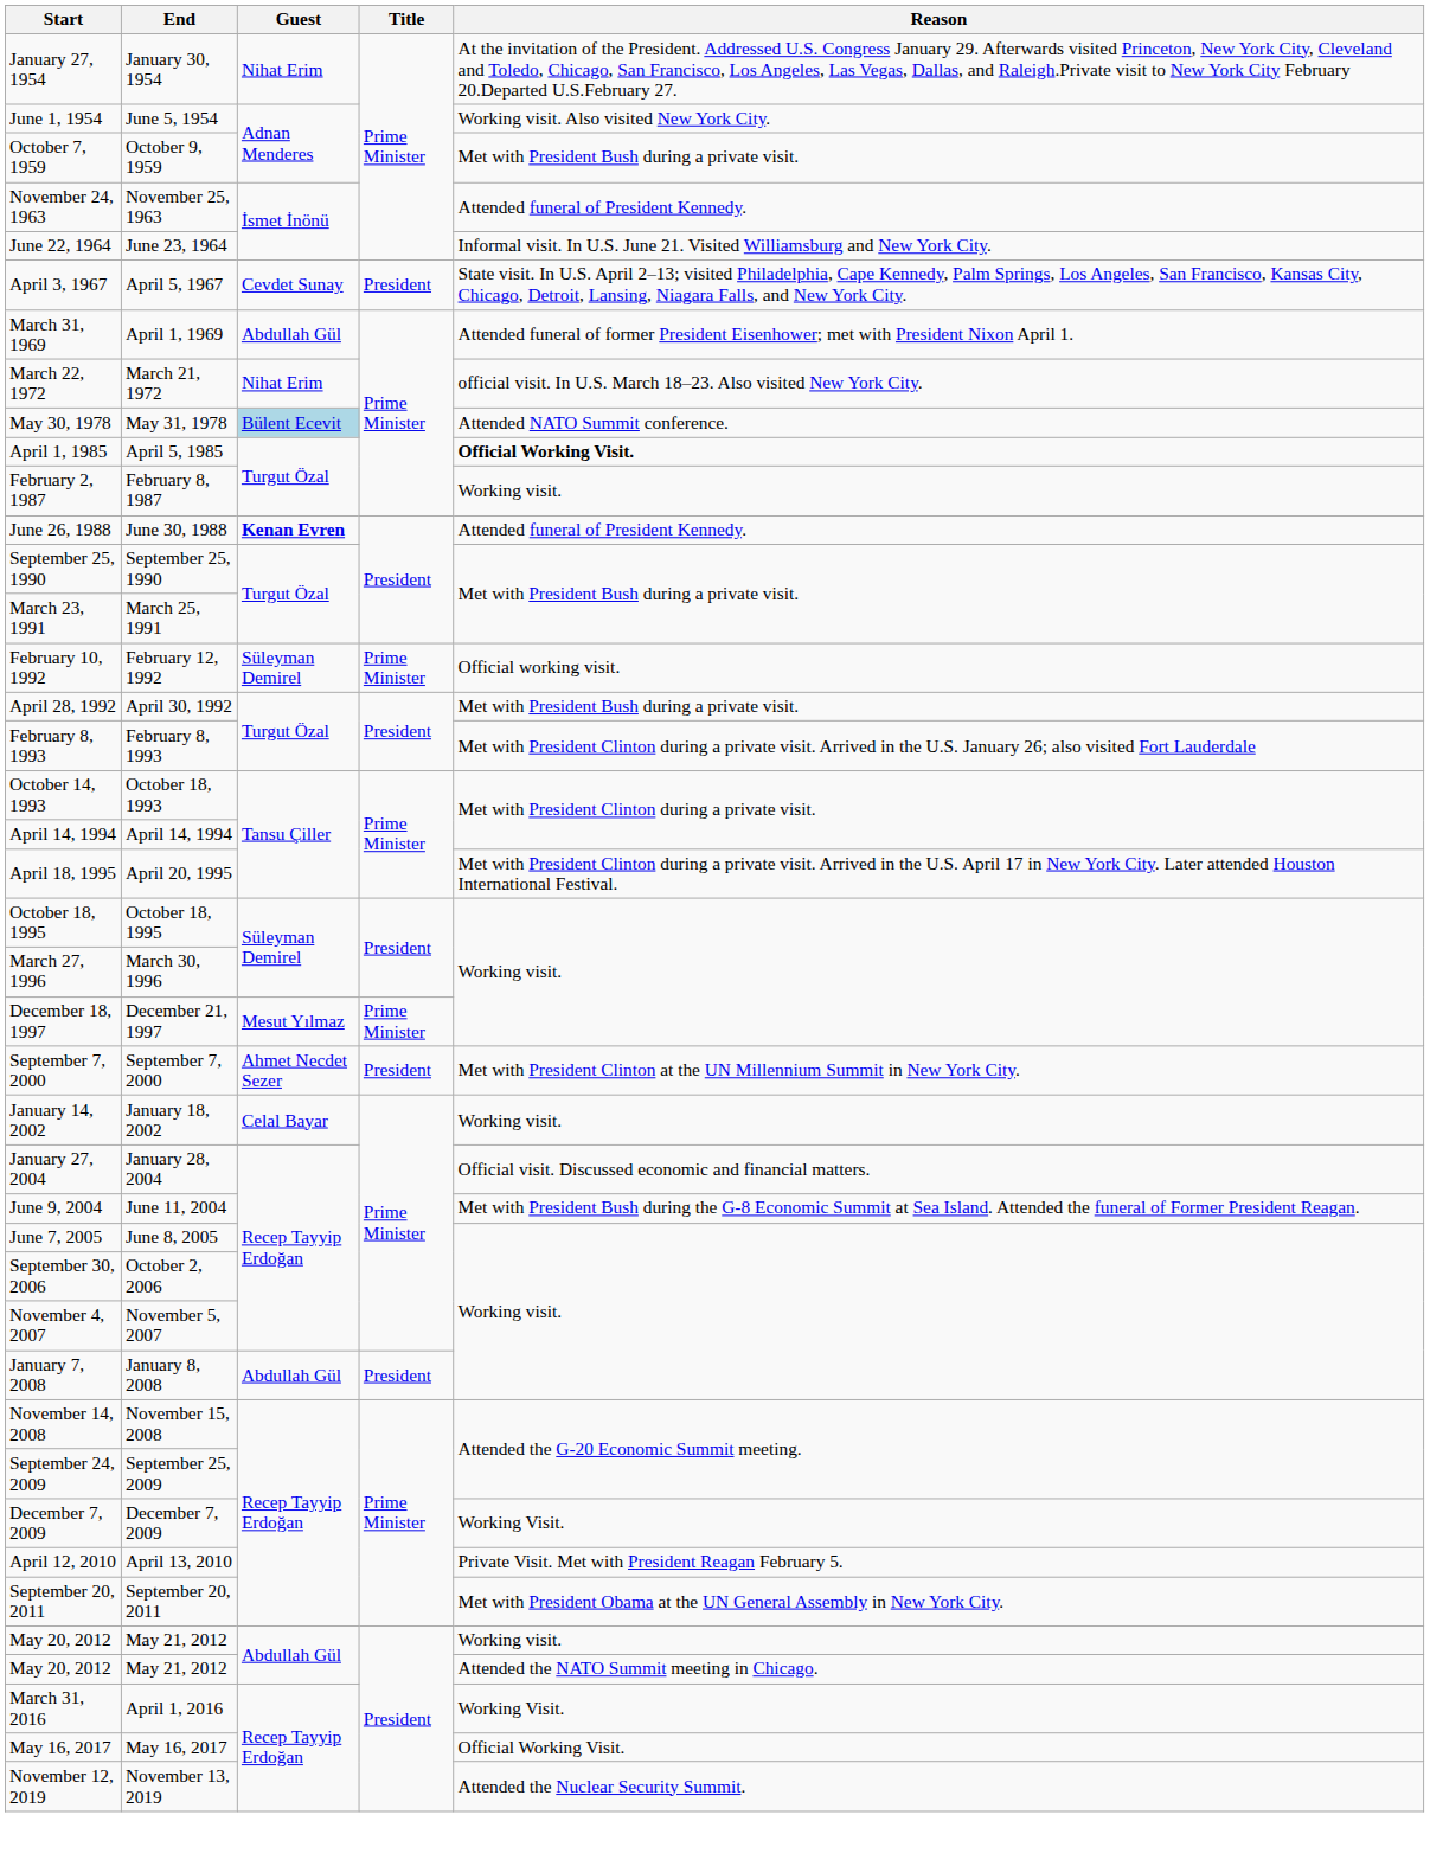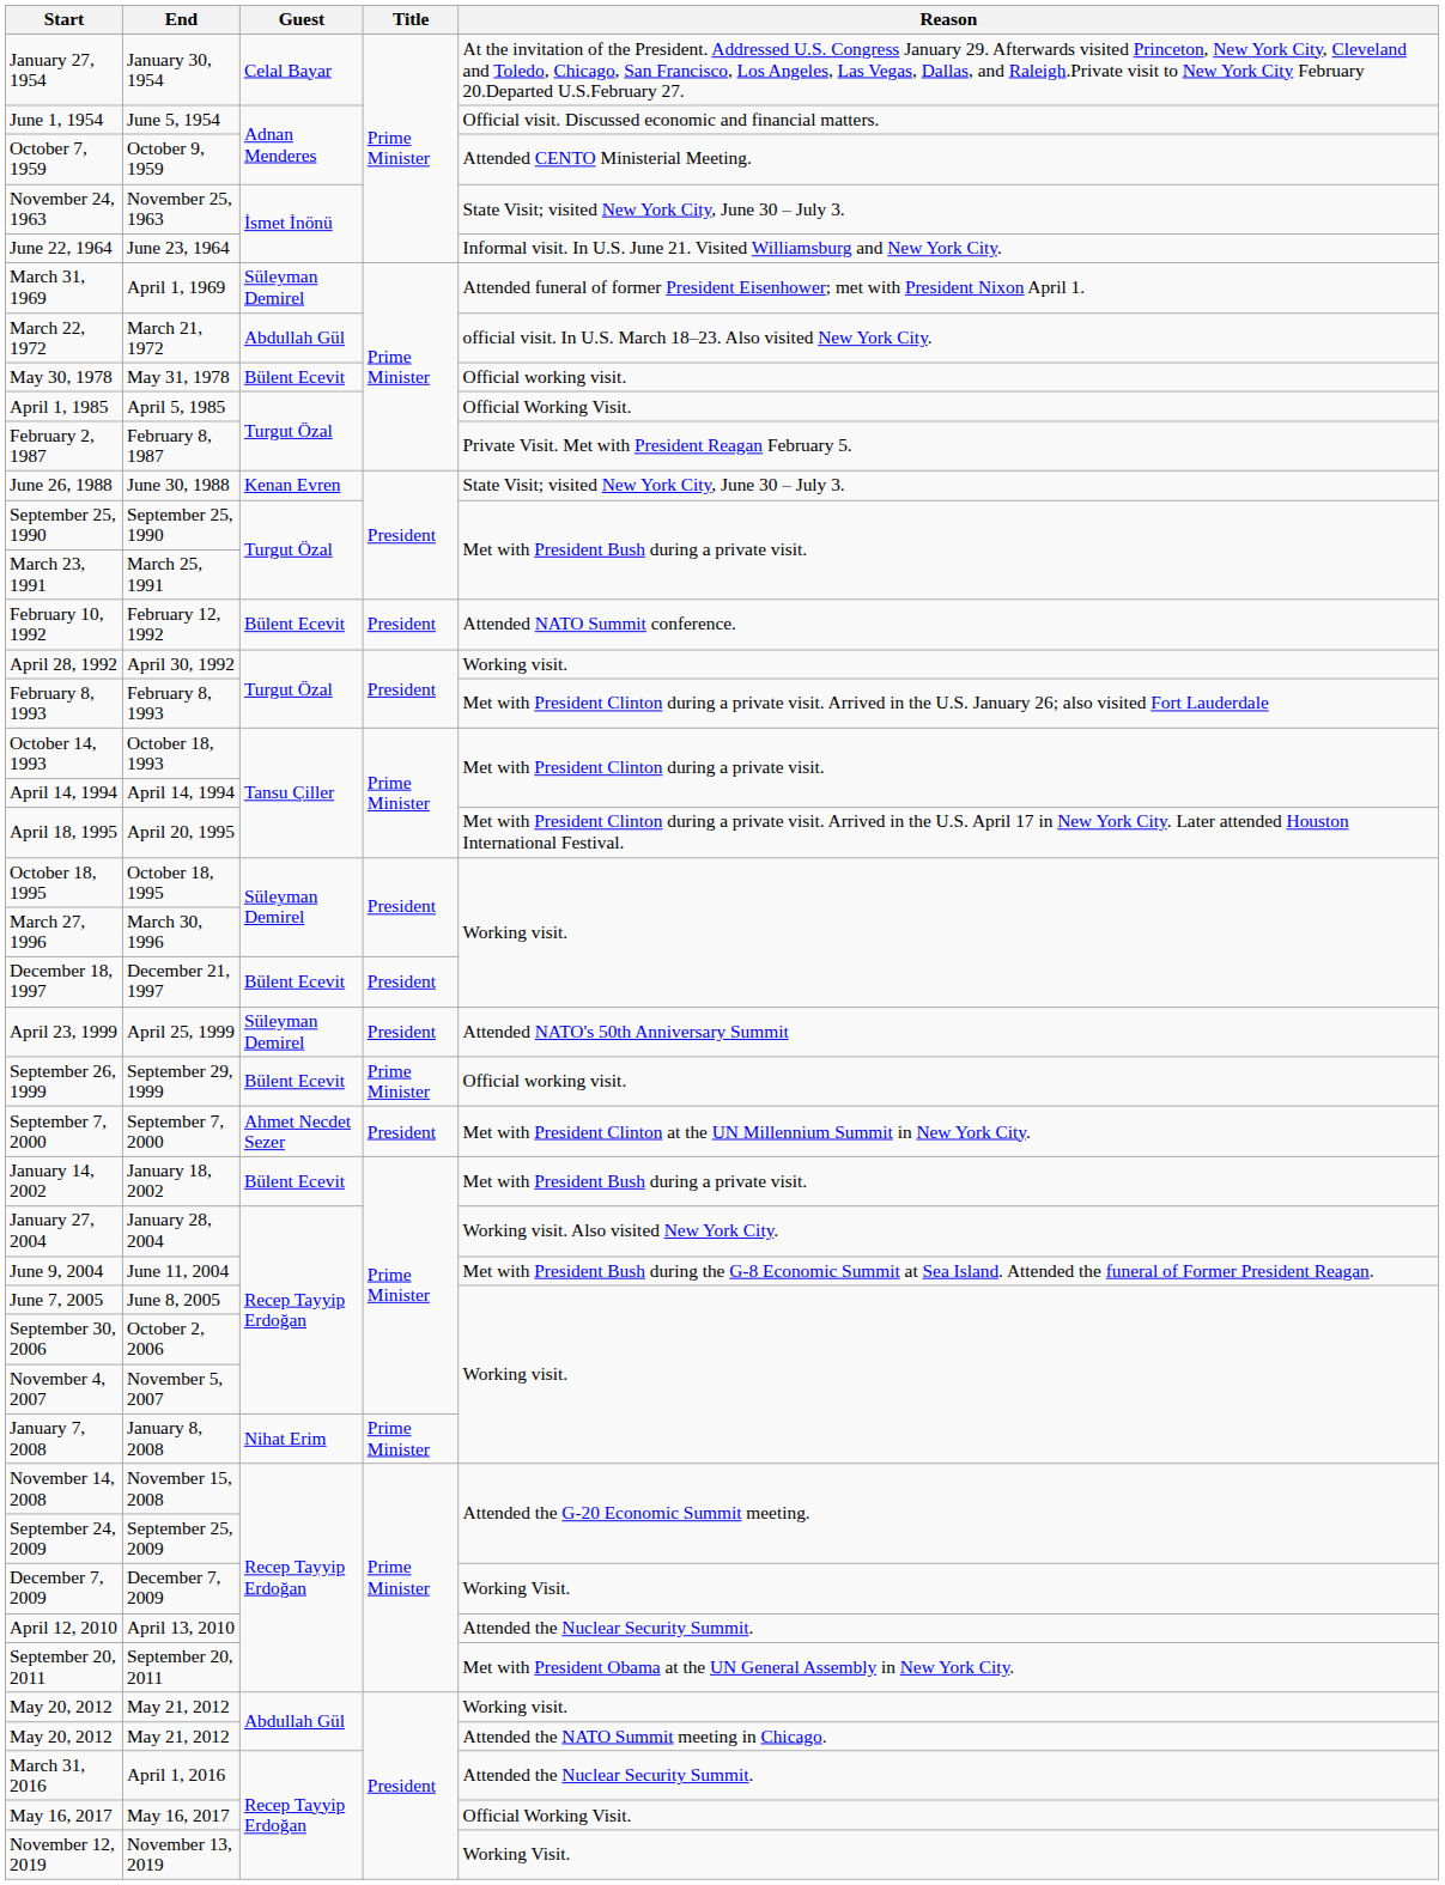 <table class="wikitable sortable">
 <tr>
 <th>Start</th>
 <th>End</th>
 <th>Guest</th>
 <th>Title</th>
 <th>Reason</th>
 </tr>
 <tr>
 <td>January 27, 1954</td>
 <td>January 30, 1954</td>
-<td><a href='#'>Nihat Erim</a></td>
+<td><a href='#'>Celal Bayar</a></td>
 <td rowspan=5><a href='#'>Prime Minister</a></td>
 <td>At the invitation of the President. <a href='#'>Addressed U.S. Congress</a> January 29. Afterwards visited <a href='#'>Princeton</a>, <a href='#'>New York City</a>, <a href='#'>Cleveland</a> and <a href='#'>Toledo</a>, <a href='#'>Chicago</a>, <a href='#'>San Francisco</a>, <a href='#'>Los Angeles</a>, <a href='#'>Las Vegas</a>, <a href='#'>Dallas</a>, and <a href='#'>Raleigh</a>.Private visit to <a href='#'>New York City</a> February 20.Departed U.S.February 27.</td>
 </tr>
 <tr>
 <td>June 1, 1954</td>
 <td>June 5, 1954</td>
 <td rowspan=2><a href='#'>Adnan Menderes</a></td>
-<td>Working visit. Also visited <a href='#'>New York City</a>.</td>
+<td>Official visit. Discussed economic and financial matters.</td>
 </tr>
 <tr>
 <td>October 7, 1959</td>
 <td>October 9, 1959</td>
-<td>Met with <a href='#'>President Bush</a> during a private visit.</td>
+<td>Attended <a href='#'>CENTO</a> Ministerial Meeting.</td>
 </tr>
 <tr>
 <td>November 24, 1963</td>
 <td>November 25, 1963</td>
 <td rowspan=2><a href='#'>İsmet İnönü</a></td>
-<td>Attended <a href='#'>funeral of President Kennedy</a>.</td>
+<td>State Visit; visited <a href='#'>New York City</a>, June 30 – July 3.</td>
 </tr>
 <tr>
 <td>June 22, 1964</td>
 <td>June 23, 1964</td>
 <td>Informal visit. In U.S. June 21. Visited <a href='#'>Williamsburg</a> and <a href='#'>New York City</a>.</td>
 </tr>
 <tr>
-<td>April 3, 1967</td>
-<td>April 5, 1967</td>
-<td><a href='#'>Cevdet Sunay</a></td>
-<td><a href='#'>President</a></td>
-<td>State visit. In U.S. April 2–13; visited <a href='#'>Philadelphia</a>, <a href='#'>Cape Kennedy</a>, <a href='#'>Palm Springs</a>, <a href='#'>Los Angeles</a>, <a href='#'>San Francisco</a>, <a href='#'>Kansas City</a>, <a href='#'>Chicago</a>, <a href='#'>Detroit</a>, <a href='#'>Lansing</a>, <a href='#'>Niagara Falls</a>, and <a href='#'>New York City</a>.</td>
-</tr>
-<tr>
 <td>March 31, 1969</td>
 <td>April 1, 1969</td>
-<td><a href='#'>Abdullah Gül</a></td>
+<td><a href='#'>Süleyman Demirel</a></td>
 <td rowspan=5><a href='#'>Prime Minister</a></td>
 <td>Attended funeral of former <a href='#'>President Eisenhower</a>; met with <a href='#'>President Nixon</a> April 1.</td>
 </tr>
 <tr>
 <td>March 22, 1972</td>
 <td>March 21, 1972</td>
-<td><a href='#'>Nihat Erim</a></td>
+<td><a href='#'>Abdullah Gül</a></td>
 <td>official visit. In U.S. March 18–23. Also visited <a href='#'>New York City</a>.</td>
 </tr>
 <tr>
 <td>May 30, 1978</td>
 <td>May 31, 1978</td>
-<td style="background: lightblue;"><a href='#'>Bülent Ecevit</a></td>
-<td>Attended <a href='#'>NATO Summit</a> conference.</td>
+<td><a href='#'>Bülent Ecevit</a></td>
+<td>Official working visit.</td>
 </tr>
 <tr>
 <td>April 1, 1985</td>
 <td>April 5, 1985</td>
 <td rowspan=2><a href='#'>Turgut Özal</a></td>
-<td><strong>Official Working Visit.</strong></td>
+<td>Official Working Visit.</td>
 </tr>
 <tr>
 <td>February 2, 1987</td>
 <td>February 8, 1987</td>
-<td>Working visit.</td>
+<td>Private Visit. Met with <a href='#'>President Reagan</a> February 5.</td>
 </tr>
 <tr>
 <td>June 26, 1988</td>
 <td>June 30, 1988</td>
-<td><strong><a href='#'>Kenan Evren</a></strong></td>
+<td><a href='#'>Kenan Evren</a></td>
 <td rowspan=3><a href='#'>President</a></td>
-<td>Attended <a href='#'>funeral of President Kennedy</a>.</td>
+<td>State Visit; visited <a href='#'>New York City</a>, June 30 – July 3.</td>
 </tr>
 <tr>
 <td>September 25, 1990</td>
 <td>September 25, 1990</td>
 <td rowspan=2><a href='#'>Turgut Özal</a></td>
 <td rowspan=2>Met with <a href='#'>President Bush</a> during a private visit.</td>
 </tr>
 <tr>
 <td>March 23, 1991</td>
 <td>March 25, 1991</td>
 </tr>
 <tr>
 <td>February 10, 1992</td>
 <td>February 12, 1992</td>
-<td><a href='#'>Süleyman Demirel</a></td>
-<td><a href='#'>Prime Minister</a></td>
-<td>Official working visit.</td>
+<td><a href='#'>Bülent Ecevit</a></td>
+<td><a href='#'>President</a></td>
+<td>Attended <a href='#'>NATO Summit</a> conference.</td>
 </tr>
 <tr>
 <td>April 28, 1992</td>
 <td>April 30, 1992</td>
 <td rowspan=2><a href='#'>Turgut Özal</a></td>
 <td rowspan=2><a href='#'>President</a></td>
-<td>Met with <a href='#'>President Bush</a> during a private visit.</td>
+<td>Working visit.</td>
 </tr>
 <tr>
 <td>February 8, 1993</td>
 <td>February 8, 1993</td>
 <td>Met with <a href='#'>President Clinton</a> during a private visit. Arrived in the U.S. January 26; also visited <a href='#'>Fort Lauderdale</a></td>
 </tr>
 <tr>
 <td>October 14, 1993</td>
 <td>October 18, 1993</td>
 <td rowspan=3><a href='#'>Tansu Çiller</a></td>
 <td rowspan=3><a href='#'>Prime Minister</a></td>
 <td rowspan=2>Met with <a href='#'>President Clinton</a> during a private visit.</td>
 </tr>
 <tr>
 <td>April 14, 1994</td>
 <td>April 14, 1994</td>
 </tr>
 <tr>
 <td>April 18, 1995</td>
 <td>April 20, 1995</td>
 <td>Met with <a href='#'>President Clinton</a> during a private visit. Arrived in the U.S. April 17 in <a href='#'>New York City</a>. Later attended <a href='#'>Houston</a> International Festival.</td>
 </tr>
 <tr>
 <td>October 18, 1995</td>
 <td>October 18, 1995</td>
 <td rowspan=2><a href='#'>Süleyman Demirel</a></td>
 <td rowspan=2><a href='#'>President</a></td>
 <td rowspan=3>Working visit.</td>
 </tr>
 <tr>
 <td>March 27, 1996</td>
 <td>March 30, 1996</td>
 </tr>
 <tr>
 <td>December 18, 1997</td>
 <td>December 21, 1997</td>
-<td><a href='#'>Mesut Yılmaz</a></td>
+<td><a href='#'>Bülent Ecevit</a></td>
+<td><a href='#'>President</a></td>
+</tr>
+<tr>
+<td>April 23, 1999</td>
+<td>April 25, 1999</td>
+<td><a href='#'>Süleyman Demirel</a></td>
+<td><a href='#'>President</a></td>
+<td>Attended <a href='#'>NATO's 50th Anniversary Summit</a></td>
+</tr>
+<tr>
+<td>September 26, 1999</td>
+<td>September 29, 1999</td>
+<td><a href='#'>Bülent Ecevit</a></td>
 <td><a href='#'>Prime Minister</a></td>
+<td>Official working visit.</td>
 </tr>
 <tr>
 <td>September 7, 2000</td>
 <td>September 7, 2000</td>
 <td><a href='#'>Ahmet Necdet Sezer</a></td>
 <td><a href='#'>President</a></td>
 <td>Met with <a href='#'>President Clinton</a> at the <a href='#'>UN Millennium Summit</a> in <a href='#'>New York City</a>.</td>
 </tr>
 <tr>
 <td>January 14, 2002</td>
 <td>January 18, 2002</td>
-<td><a href='#'>Celal Bayar</a></td>
+<td><a href='#'>Bülent Ecevit</a></td>
 <td rowspan=6><a href='#'>Prime Minister</a></td>
-<td>Working visit.</td>
+<td>Met with <a href='#'>President Bush</a> during a private visit.</td>
 </tr>
 <tr>
 <td>January 27, 2004</td>
 <td>January 28, 2004</td>
 <td rowspan=5><a href='#'>Recep Tayyip Erdoğan</a></td>
-<td>Official visit. Discussed economic and financial matters.</td>
+<td>Working visit. Also visited <a href='#'>New York City</a>.</td>
 </tr>
 <tr>
 <td>June 9, 2004</td>
 <td>June 11, 2004</td>
 <td>Met with <a href='#'>President Bush</a> during the <a href='#'>G-8 Economic Summit</a> at <a href='#'>Sea Island</a>. Attended the <a href='#'>funeral of Former President Reagan</a>.</td>
 </tr>
 <tr>
 <td>June 7, 2005</td>
 <td>June 8, 2005</td>
 <td rowspan=4>Working visit.</td>
 </tr>
 <tr>
 <td>September 30, 2006</td>
 <td>October 2, 2006</td>
 </tr>
 <tr>
 <td>November 4, 2007</td>
 <td>November 5, 2007</td>
 </tr>
 <tr>
 <td>January 7, 2008</td>
 <td>January 8, 2008</td>
-<td><a href='#'>Abdullah Gül</a></td>
-<td><a href='#'>President</a></td>
+<td><a href='#'>Nihat Erim</a></td>
+<td><a href='#'>Prime Minister</a></td>
 </tr>
 <tr>
 <td>November 14, 2008</td>
 <td>November 15, 2008</td>
 <td rowspan=5><a href='#'>Recep Tayyip Erdoğan</a></td>
 <td rowspan=5><a href='#'>Prime Minister</a></td>
 <td rowspan=2>Attended the <a href='#'>G-20 Economic Summit</a> meeting.</td>
 </tr>
 <tr>
 <td>September 24, 2009</td>
 <td>September 25, 2009</td>
 </tr>
 <tr>
 <td>December 7, 2009</td>
 <td>December 7, 2009</td>
 <td>Working Visit.</td>
 </tr>
 <tr>
 <td>April 12, 2010</td>
 <td>April 13, 2010</td>
-<td>Private Visit. Met with <a href='#'>President Reagan</a> February 5.</td>
+<td>Attended the <a href='#'>Nuclear Security Summit</a>.</td>
 </tr>
 <tr>
 <td>September 20, 2011</td>
 <td>September 20, 2011</td>
 <td>Met with <a href='#'>President Obama</a> at the <a href='#'>UN General Assembly</a> in <a href='#'>New York City</a>.</td>
 </tr>
 <tr>
 <td>May 20, 2012</td>
 <td>May 21, 2012</td>
 <td rowspan=2><a href='#'>Abdullah Gül</a></td>
 <td rowspan=5><a href='#'>President</a></td>
 <td>Working visit.</td>
 </tr>
 <tr>
 <td>May 20, 2012</td>
 <td>May 21, 2012</td>
 <td>Attended the <a href='#'>NATO Summit</a> meeting in <a href='#'>Chicago</a>.</td>
 </tr>
 <tr>
 <td>March 31, 2016</td>
 <td>April 1, 2016</td>
 <td rowspan=3><a href='#'>Recep Tayyip Erdoğan</a></td>
-<td>Working Visit.</td>
+<td>Attended the <a href='#'>Nuclear Security Summit</a>.</td>
 </tr>
 <tr>
 <td>May 16, 2017</td>
 <td>May 16, 2017</td>
 <td>Official Working Visit.</td>
 </tr>
 <tr>
 <td>November 12, 2019</td>
 <td>November 13, 2019</td>
-<td>Attended the <a href='#'>Nuclear Security Summit</a>.</td>
+<td>Working Visit.</td>
 </tr>
 </table>
